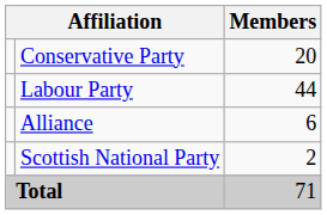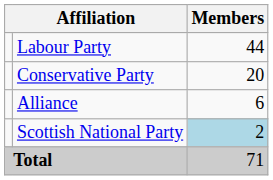 <table class="wikitable">
 <tr>
 <th colspan="2">Affiliation</th>
 <th>Members</th>
 </tr>
 <tr>
 <td style="color:inherit;background:"></td>
-<td><a href='#'>Conservative Party</a></td>
-<td align="right">20</td>
+<td><a href='#'>Labour Party</a></td>
+<td align="right">44</td>
 </tr>
 <tr>
 <td style="color:inherit;background:"></td>
-<td><a href='#'>Labour Party</a></td>
-<td align="right">44</td>
+<td><a href='#'>Conservative Party</a></td>
+<td align="right">20</td>
 </tr>
 <tr>
 <td style="color:inherit;background:"></td>
 <td><a href='#'>Alliance</a></td>
 <td align="right">6</td>
 </tr>
 <tr>
 <td style="color:inherit;background:"></td>
 <td><a href='#'>Scottish National Party</a></td>
-<td align="right">2</td>
+<td align="right" style="background: lightblue;">2</td>
 </tr>
 <tr bgcolor="CCCCCC">
 <td colspan="2" rowspan="1"> <strong>Total</strong></td>
 <td align="right">71</td>
 </tr>
 </table>
